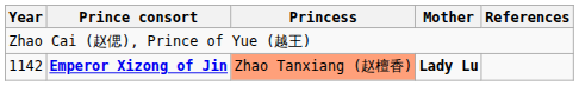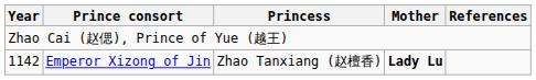 <table class="wikitable">
 <tr>
 <th>Year</th>
 <th>Prince consort</th>
 <th>Princess</th>
 <th>Mother</th>
 <th>References</th>
 </tr>
 <tr>
 <td colspan="5">Zhao Cai (赵偲), Prince of Yue (越王)</td>
 </tr>
 <tr>
 <td>1142</td>
-<td><strong><a href='#'>Emperor Xizong of Jin</a></strong></td>
-<td style="background: lightsalmon;">Zhao Tanxiang (赵檀香)</td>
+<td><a href='#'>Emperor Xizong of Jin</a></td>
+<td>Zhao Tanxiang (赵檀香)</td>
 <td><strong>Lady Lu</strong></td>
 <td></td>
 </tr>
 </table>
